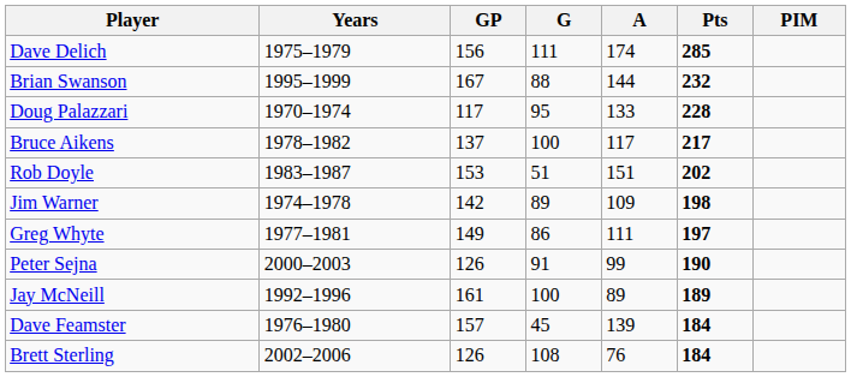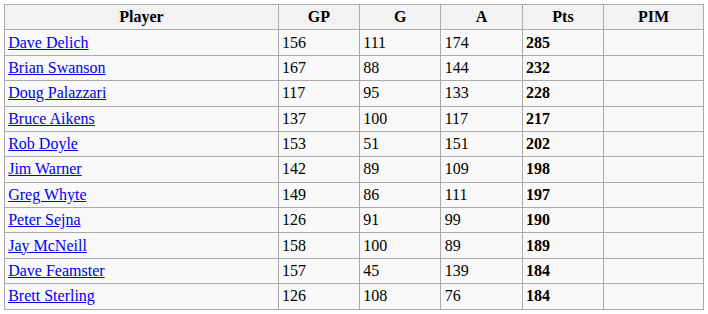 <table class="wikitable sortable" width ="700" cellpadding="1" border="1" cellspacing="0">
 <tr>
 <th>Player</th>
-<th>Years</th>
 <th>GP</th>
 <th>G</th>
 <th>A</th>
 <th>Pts</th>
 <th>PIM</th>
 </tr>
 <tr>
 <td><a href='#'>Dave Delich</a></td>
-<td>1975–1979</td>
 <td>156</td>
 <td>111</td>
 <td>174</td>
 <td><strong>285</strong></td>
 <td></td>
 </tr>
 <tr>
 <td><a href='#'>Brian Swanson</a></td>
-<td>1995–1999</td>
 <td>167</td>
 <td>88</td>
 <td>144</td>
 <td><strong>232</strong></td>
 <td></td>
 </tr>
 <tr>
 <td><a href='#'>Doug Palazzari</a></td>
-<td>1970–1974</td>
 <td>117</td>
 <td>95</td>
 <td>133</td>
 <td><strong>228</strong></td>
 <td></td>
 </tr>
 <tr>
 <td><a href='#'>Bruce Aikens</a></td>
-<td>1978–1982</td>
 <td>137</td>
 <td>100</td>
 <td>117</td>
 <td><strong>217</strong></td>
 <td></td>
 </tr>
 <tr>
 <td><a href='#'>Rob Doyle</a></td>
-<td>1983–1987</td>
 <td>153</td>
 <td>51</td>
 <td>151</td>
 <td><strong>202</strong></td>
 <td></td>
 </tr>
 <tr>
 <td><a href='#'>Jim Warner</a></td>
-<td>1974–1978</td>
 <td>142</td>
 <td>89</td>
 <td>109</td>
 <td><strong>198</strong></td>
 <td></td>
 </tr>
 <tr>
 <td><a href='#'>Greg Whyte</a></td>
-<td>1977–1981</td>
 <td>149</td>
 <td>86</td>
 <td>111</td>
 <td><strong>197</strong></td>
 <td></td>
 </tr>
 <tr>
 <td><a href='#'>Peter Sejna</a></td>
-<td>2000–2003</td>
 <td>126</td>
 <td>91</td>
 <td>99</td>
 <td><strong>190</strong></td>
 <td></td>
 </tr>
 <tr>
 <td><a href='#'>Jay McNeill</a></td>
-<td>1992–1996</td>
-<td>161</td>
+<td>158</td>
 <td>100</td>
 <td>89</td>
 <td><strong>189</strong></td>
 <td></td>
 </tr>
 <tr>
 <td><a href='#'>Dave Feamster</a></td>
-<td>1976–1980</td>
 <td>157</td>
 <td>45</td>
 <td>139</td>
 <td><strong>184</strong></td>
 <td></td>
 </tr>
 <tr>
 <td><a href='#'>Brett Sterling</a></td>
-<td>2002–2006</td>
 <td>126</td>
 <td>108</td>
 <td>76</td>
 <td><strong>184</strong></td>
 <td></td>
 </tr>
 </table>
